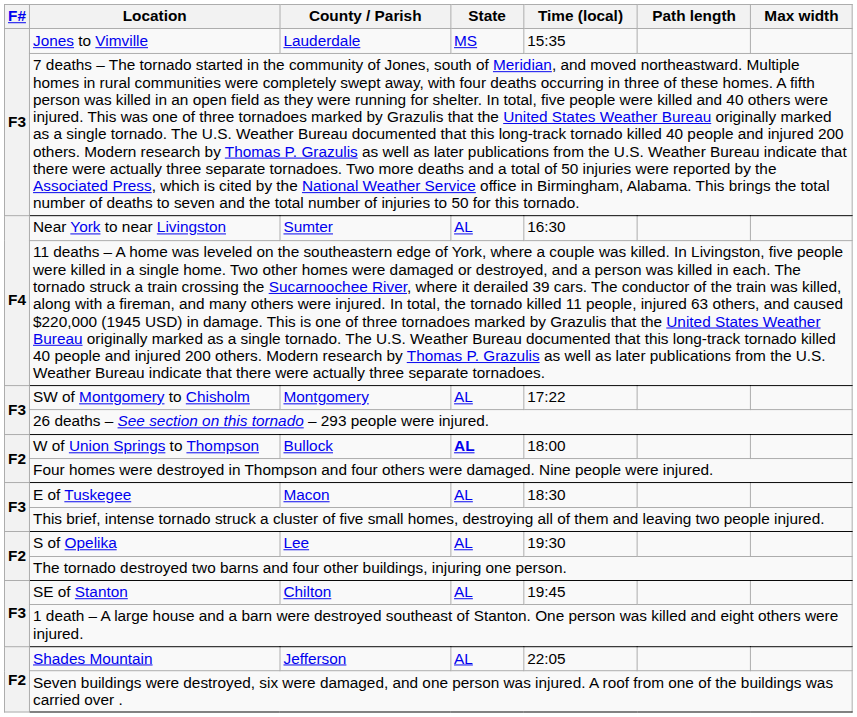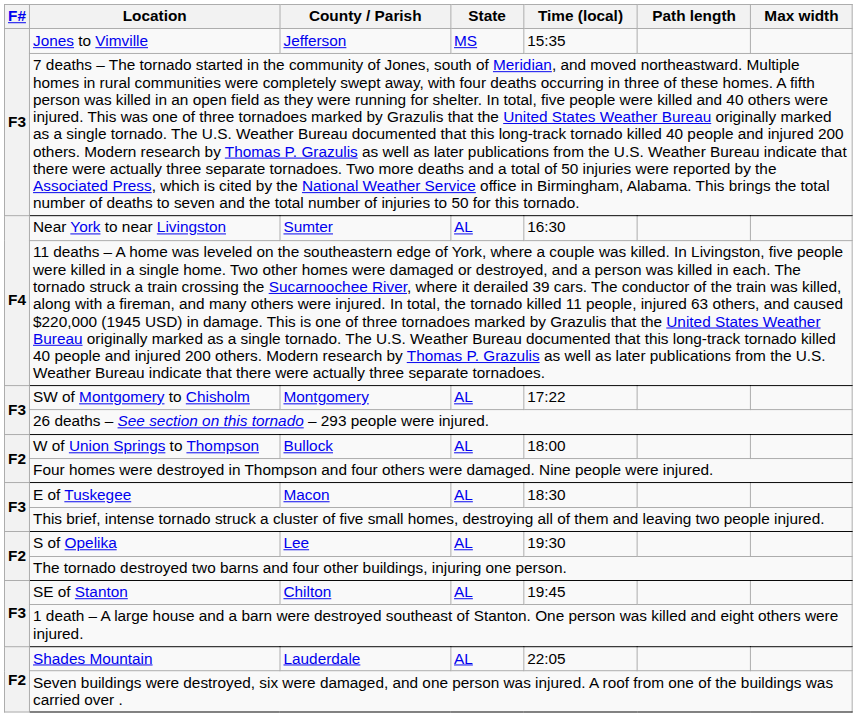 <table class="wikitable sortable" style="width:100%;">
 <tr>
 <th scope="col" align="center"><a href='#'>F#</a></th>
 <th scope="col" align="center" class="unsortable">Location</th>
 <th scope="col" align="center" class="unsortable">County / Parish</th>
 <th scope="col" align="center">State</th>
 <th scope="col" align="center">Time (local)</th>
 <th scope="col" align="center">Path length</th>
 <th scope="col" align="center">Max width</th>
 </tr>
 <tr>
 <th scope="row" rowspan="2" style="background-color:#">F3</th>
 <td><a href='#'>Jones</a> to <a href='#'>Vimville</a></td>
-<td><a href='#'>Lauderdale</a></td>
+<td><a href='#'>Jefferson</a></td>
 <td><a href='#'>MS</a></td>
 <td>15:35</td>
 <td></td>
 <td></td>
 </tr>
 <tr class="expand-child">
 <td colspan="8" style=" border-bottom: 1px solid black;">7 deaths – The tornado started in the community of Jones,  south of <a href='#'>Meridian</a>, and moved northeastward. Multiple homes in rural communities were completely swept away, with four deaths occurring in three of these homes. A fifth person was killed in an open field as they were running for shelter. In total, five people were killed and 40 others were injured. This was one of three tornadoes marked by Grazulis that the <a href='#'>United States Weather Bureau</a> originally marked as a single tornado. The U.S. Weather Bureau documented that this long-track tornado killed 40 people and injured 200 others. Modern research by <a href='#'>Thomas P. Grazulis</a> as well as later publications from the U.S. Weather Bureau indicate that there were actually three separate tornadoes. Two more deaths and a total of 50 injuries were reported by the <a href='#'>Associated Press</a>, which is cited by the <a href='#'>National Weather Service</a> office in Birmingham, Alabama. This brings the total number of deaths to seven and the total number of injuries to 50 for this tornado.</td>
 </tr>
 <tr>
 <th scope="row" rowspan="2" style="background-color:#">F4</th>
 <td>Near <a href='#'>York</a> to near <a href='#'>Livingston</a></td>
 <td><a href='#'>Sumter</a></td>
 <td><a href='#'>AL</a></td>
 <td>16:30</td>
 <td></td>
 <td></td>
 </tr>
 <tr class="expand-child">
 <td colspan="8" style=" border-bottom: 1px solid black;">11 deaths – A home was leveled on the southeastern edge of York, where a couple was killed. In Livingston, five people were killed in a single home. Two other homes were damaged or destroyed, and a person was killed in each. The tornado struck a train crossing the <a href='#'>Sucarnoochee River</a>, where it derailed 39 cars. The conductor of the train was killed, along with a fireman, and many others were injured. In total, the tornado killed 11 people, injured 63 others, and caused $220,000 (1945 USD) in damage. This is one of three tornadoes marked by Grazulis that the <a href='#'>United States Weather Bureau</a> originally marked as a single tornado. The U.S. Weather Bureau documented that this long-track tornado killed 40 people and injured 200 others. Modern research by <a href='#'>Thomas P. Grazulis</a> as well as later publications from the U.S. Weather Bureau indicate that there were actually three separate tornadoes.</td>
 </tr>
 <tr>
 <th scope="row" rowspan="2" style="background-color:#">F3</th>
 <td>SW of <a href='#'>Montgomery</a> to <a href='#'>Chisholm</a></td>
 <td><a href='#'>Montgomery</a></td>
 <td><a href='#'>AL</a></td>
 <td>17:22</td>
 <td></td>
 <td></td>
 </tr>
 <tr class="expand-child">
 <td colspan="8" style=" border-bottom: 1px solid black;">26 deaths – <em><a href='#'>See section on this tornado</a></em> – 293 people were injured.</td>
 </tr>
 <tr>
 <th scope="row" rowspan="2" style="background-color:#">F2</th>
 <td>W of <a href='#'>Union Springs</a> to <a href='#'>Thompson</a></td>
 <td><a href='#'>Bullock</a></td>
-<td><strong><a href='#'>AL</a></strong></td>
+<td><a href='#'>AL</a></td>
 <td>18:00</td>
 <td></td>
 <td></td>
 </tr>
 <tr class="expand-child">
 <td colspan="8" style=" border-bottom: 1px solid black;">Four homes were destroyed in Thompson and four others were damaged. Nine people were injured.</td>
 </tr>
 <tr>
 <th scope="row" rowspan="2" style="background-color:#">F3</th>
 <td>E of <a href='#'>Tuskegee</a></td>
 <td><a href='#'>Macon</a></td>
 <td><a href='#'>AL</a></td>
 <td>18:30</td>
 <td></td>
 <td></td>
 </tr>
 <tr class="expand-child">
 <td colspan="8" style=" border-bottom: 1px solid black;">This brief, intense tornado struck a cluster of five small homes, destroying all of them and leaving two people injured.</td>
 </tr>
 <tr>
 <th scope="row" rowspan="2" style="background-color:#">F2</th>
 <td>S of <a href='#'>Opelika</a></td>
 <td><a href='#'>Lee</a></td>
 <td><a href='#'>AL</a></td>
 <td>19:30</td>
 <td></td>
 <td></td>
 </tr>
 <tr class="expand-child">
 <td colspan="8" style=" border-bottom: 1px solid black;">The tornado destroyed two barns and four other buildings, injuring one person.</td>
 </tr>
 <tr>
 <th scope="row" rowspan="2" style="background-color:#">F3</th>
 <td>SE of <a href='#'>Stanton</a></td>
 <td><a href='#'>Chilton</a></td>
 <td><a href='#'>AL</a></td>
 <td>19:45</td>
 <td></td>
 <td></td>
 </tr>
 <tr class="expand-child">
 <td colspan="8" style=" border-bottom: 1px solid black;">1 death – A large house and a barn were destroyed southeast of Stanton. One person was killed and eight others were injured.</td>
 </tr>
 <tr>
 <th scope="row" rowspan="2" style="background-color:#">F2</th>
 <td><a href='#'>Shades Mountain</a></td>
-<td><a href='#'>Jefferson</a></td>
+<td><a href='#'>Lauderdale</a></td>
 <td><a href='#'>AL</a></td>
 <td>22:05</td>
 <td></td>
 <td></td>
 </tr>
 <tr class="expand-child">
 <td colspan="8" style=" border-bottom: 1px solid black;">Seven buildings were destroyed, six were damaged, and one person was injured. A roof from one of the buildings was carried over .</td>
 </tr>
 </table>
